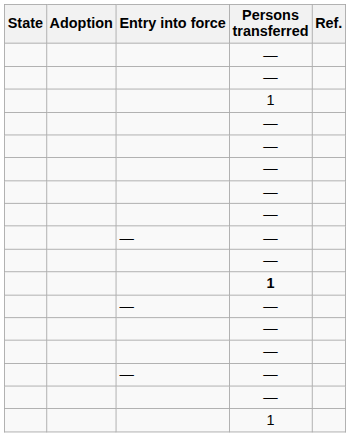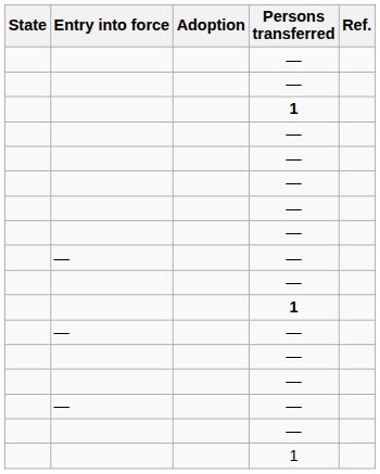 <table class="wikitable sortable">
 <tr>
 <th>State</th>
+<th>Entry into force</th>
 <th>Adoption</th>
-<th>Entry into force</th>
 <th>Persons<br>transferred</th>
 <th class="unsortable">Ref.</th>
 </tr>
 <tr>
 <td></td>
 <td></td>
 <td></td>
 <td align="center">—</td>
 <td align="center"></td>
 </tr>
 <tr>
 <td></td>
 <td></td>
 <td></td>
 <td align="center">—</td>
 <td align="center"></td>
 </tr>
 <tr>
 <td></td>
 <td></td>
 <td></td>
-<td align="center">1</td>
+<td align="center"><strong>1</strong></td>
 <td align="center"></td>
 </tr>
 <tr>
 <td></td>
 <td></td>
 <td></td>
 <td align="center">—</td>
 <td align="center"></td>
 </tr>
 <tr>
 <td></td>
 <td></td>
 <td></td>
 <td align="center">—</td>
 <td align="center"></td>
 </tr>
 <tr>
 <td></td>
 <td></td>
 <td></td>
 <td align="center">—</td>
 <td align="center"></td>
 </tr>
 <tr>
 <td></td>
 <td></td>
 <td></td>
 <td align="center">—</td>
 <td align="center"></td>
 </tr>
 <tr>
 <td></td>
 <td></td>
 <td></td>
 <td align="center">—</td>
 <td align="center"></td>
 </tr>
 <tr>
 <td></td>
+<td>—</td>
 <td></td>
-<td>—</td>
 <td align="center">—</td>
 <td align="center"></td>
 </tr>
 <tr>
 <td></td>
 <td></td>
 <td></td>
 <td align="center">—</td>
 <td align="center"></td>
 </tr>
 <tr>
 <td></td>
 <td></td>
 <td></td>
 <td align="center"><strong>1</strong></td>
 <td align="center"></td>
 </tr>
 <tr>
 <td></td>
+<td>—</td>
 <td></td>
-<td>—</td>
 <td align="center">—</td>
 <td align="center"></td>
 </tr>
 <tr>
 <td></td>
 <td></td>
 <td></td>
 <td align="center">—</td>
 <td align="center"></td>
 </tr>
 <tr>
 <td></td>
 <td></td>
 <td></td>
 <td align="center">—</td>
 <td align="center"></td>
 </tr>
 <tr>
 <td></td>
+<td>—</td>
 <td></td>
-<td>—</td>
 <td align="center">—</td>
 <td align="center"></td>
 </tr>
 <tr>
 <td></td>
 <td></td>
 <td></td>
 <td align="center">—</td>
 <td align="center"></td>
 </tr>
 <tr>
 <td></td>
 <td></td>
 <td></td>
 <td align="center">1</td>
 <td align="center"></td>
 </tr>
 </table>
